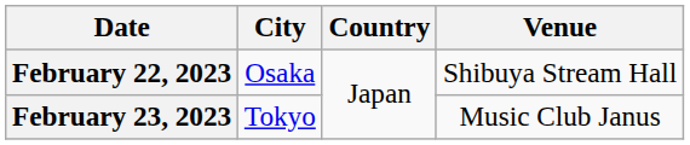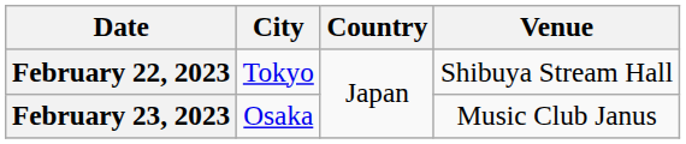 <table class="wikitable plainrowheaders" style="text-align:center">
 <tr>
 <th scope="col">Date</th>
 <th scope="col">City</th>
 <th scope="col">Country</th>
 <th scope="col">Venue</th>
 </tr>
 <tr>
 <th scope="row">February 22, 2023</th>
-<td><a href='#'>Osaka</a></td>
+<td><a href='#'>Tokyo</a></td>
 <td rowspan="2">Japan</td>
 <td>Shibuya Stream Hall</td>
 </tr>
 <tr>
 <th scope="row">February 23, 2023</th>
-<td><a href='#'>Tokyo</a></td>
+<td><a href='#'>Osaka</a></td>
 <td>Music Club Janus</td>
 </tr>
 </table>
